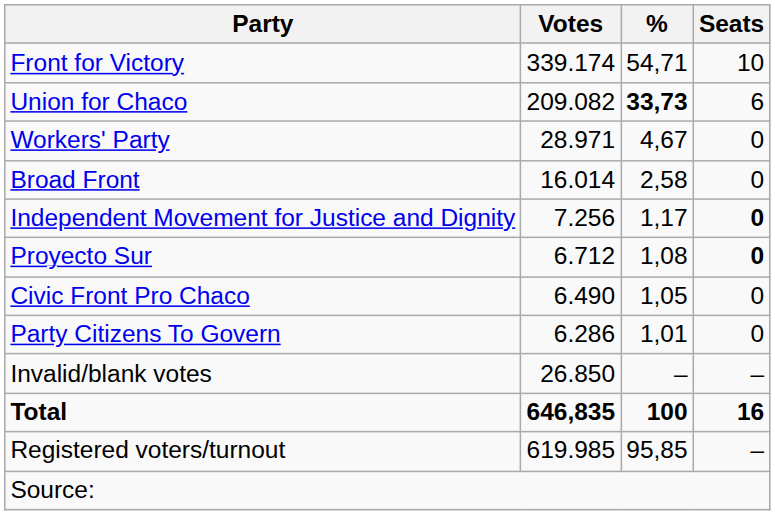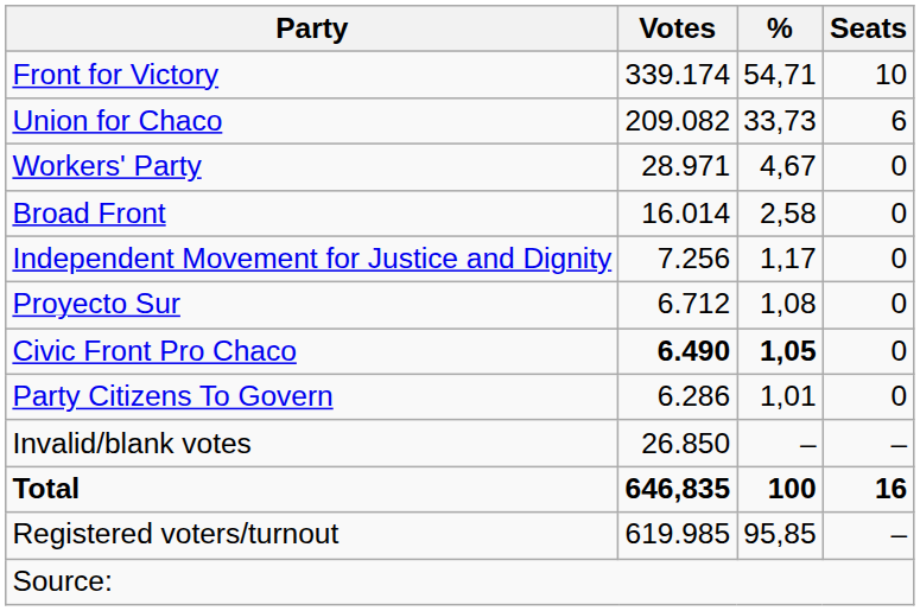 <table class=wikitable style=text-align:right>
 <tr>
 <th>Party</th>
 <th>Votes</th>
 <th>%</th>
 <th>Seats</th>
 </tr>
 <tr>
 <td align=left><a href='#'>Front for Victory</a></td>
 <td>339.174</td>
 <td>54,71</td>
 <td>10</td>
 </tr>
 <tr>
 <td align=left><a href='#'>Union for Chaco</a></td>
 <td>209.082</td>
-<td><strong>33,73</strong></td>
+<td>33,73</td>
 <td>6</td>
 </tr>
 <tr>
 <td align=left><a href='#'>Workers' Party</a></td>
 <td>28.971</td>
 <td>4,67</td>
 <td>0</td>
 </tr>
 <tr>
 <td align=left><a href='#'>Broad Front</a></td>
 <td>16.014</td>
 <td>2,58</td>
 <td>0</td>
 </tr>
 <tr>
 <td align=left><a href='#'>Independent Movement for Justice and Dignity</a></td>
 <td>7.256</td>
 <td>1,17</td>
-<td><strong>0</strong></td>
+<td>0</td>
 </tr>
 <tr>
 <td align=left><a href='#'>Proyecto Sur</a></td>
 <td>6.712</td>
 <td>1,08</td>
-<td><strong>0</strong></td>
+<td>0</td>
 </tr>
 <tr>
 <td align=left><a href='#'>Civic Front Pro Chaco</a></td>
-<td>6.490</td>
-<td>1,05</td>
+<td><strong>6.490</strong></td>
+<td><strong>1,05</strong></td>
 <td>0</td>
 </tr>
 <tr>
 <td align=left><a href='#'>Party Citizens To Govern</a></td>
 <td>6.286</td>
 <td>1,01</td>
 <td>0</td>
 </tr>
 <tr>
 <td align=left>Invalid/blank votes</td>
 <td>26.850</td>
 <td>–</td>
 <td>–</td>
 </tr>
 <tr>
 <td align=left><strong>Total</strong></td>
 <td><strong>646,835</strong></td>
 <td><strong>100</strong></td>
 <td><strong>16</strong></td>
 </tr>
 <tr>
 <td align=left>Registered voters/turnout</td>
 <td>619.985</td>
 <td>95,85</td>
 <td>–</td>
 </tr>
 <tr>
 <td align=left colspan=5>Source: </td>
 </tr>
 </table>
